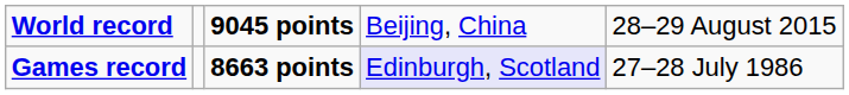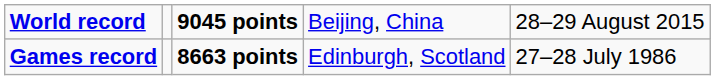 <table class="wikitable">
 <tr>
 <td><a href='#'><strong>World record</strong></a></td>
 <td></td>
 <td><strong>9045 points</strong></td>
 <td><a href='#'>Beijing</a>, <a href='#'>China</a></td>
 <td>28–29 August 2015</td>
 </tr>
 <tr>
 <td><a href='#'><strong>Games record</strong></a></td>
 <td></td>
 <td><strong>8663 points</strong></td>
-<td style="background: lavender;"><a href='#'>Edinburgh</a>, <a href='#'>Scotland</a></td>
+<td><a href='#'>Edinburgh</a>, <a href='#'>Scotland</a></td>
 <td>27–28 July 1986</td>
 </tr>
 </table>
